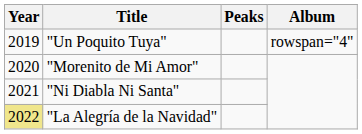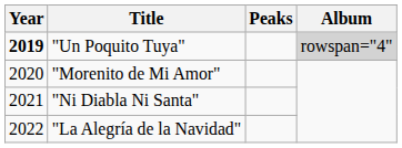 <table class="wikitable sortable">
 <tr>
 <th>Year</th>
 <th>Title</th>
 <th>Peaks</th>
 <th>Album</th>
 </tr>
 <tr>
-<td>2019</td>
+<td><strong>2019</strong></td>
 <td>"Un Poquito Tuya"</td>
 <td></td>
-<td>rowspan="4"</td>
+<td style="background: lightgrey;">rowspan="4"</td>
 </tr>
 <tr>
 <td>2020</td>
 <td>"Morenito de Mi Amor"</td>
 <td></td>
 </tr>
 <tr>
 <td>2021</td>
 <td>"Ni Diabla Ni Santa"</td>
 <td></td>
 </tr>
 <tr>
-<td style="background: khaki;">2022</td>
+<td>2022</td>
 <td>"La Alegría de la Navidad"</td>
 <td></td>
 </tr>
 </table>
